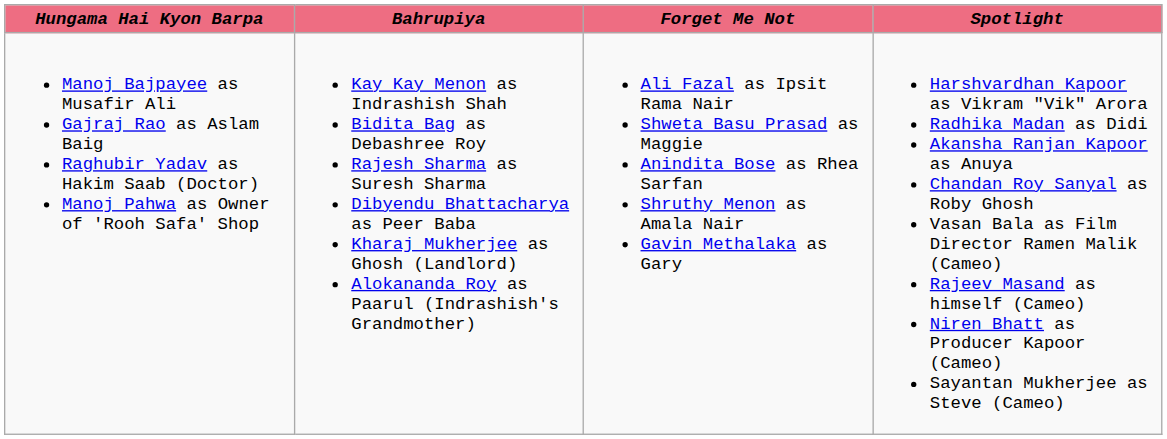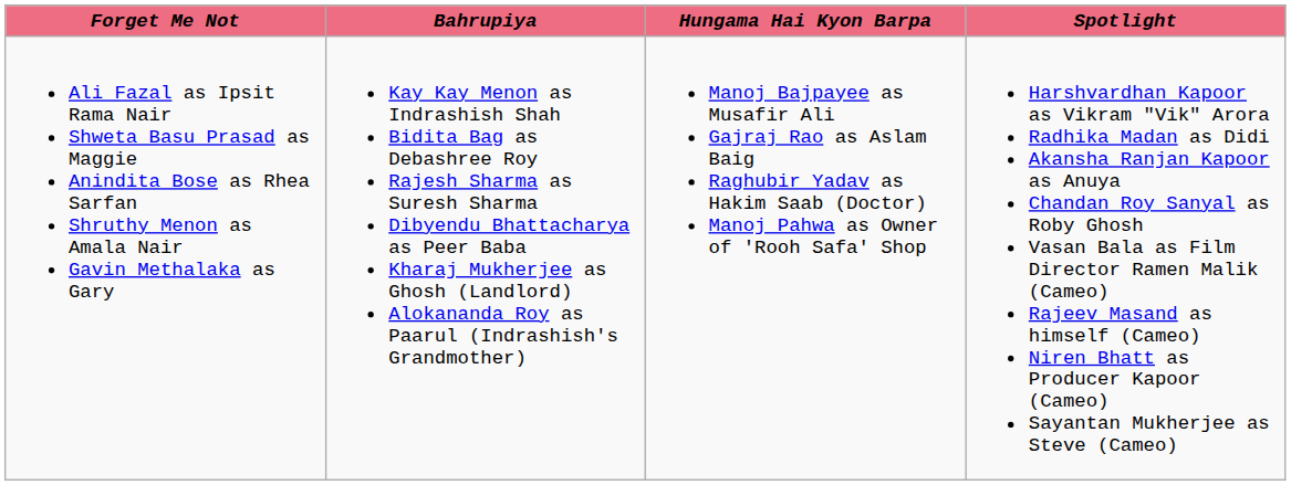 <table class=wikitable>
 <tr>
+<th style="background:#EE6D82; width:20%"><em>Forget Me Not </em></th>
+<th style="background:#EE6D82; width:20%"><em>Bahrupiya</em></th>
 <th style="background:#EE6D82; width:20%"><em>Hungama Hai Kyon Barpa</em></th>
-<th style="background:#EE6D82; width:20%"><em>Bahrupiya</em></th>
-<th style="background:#EE6D82; width:20%"><em>Forget Me Not </em></th>
 <th style="background:#EE6D82; width:20%"><em>Spotlight</em></th>
 </tr>
 <tr>
+<td valign="top"><br><ul><li><a href='#'>Ali Fazal</a> as Ipsit Rama Nair</li><li><a href='#'>Shweta Basu Prasad</a> as Maggie</li><li><a href='#'>Anindita Bose</a> as Rhea Sarfan</li><li><a href='#'>Shruthy Menon</a> as Amala Nair</li><li><a href='#'>Gavin Methalaka</a> as Gary</li></ul></td>
+<td valign="top"><br><ul><li><a href='#'>Kay Kay Menon</a> as Indrashish Shah</li><li><a href='#'>Bidita Bag</a> as Debashree Roy</li><li><a href='#'>Rajesh Sharma</a> as Suresh Sharma</li><li><a href='#'>Dibyendu Bhattacharya</a> as Peer Baba</li><li><a href='#'>Kharaj Mukherjee</a> as Ghosh (Landlord)</li><li><a href='#'>Alokananda Roy</a> as Paarul (Indrashish's Grandmother)</li></ul></td>
 <td valign="top"><br><ul><li><a href='#'>Manoj Bajpayee</a> as Musafir Ali</li><li><a href='#'>Gajraj Rao</a> as Aslam Baig</li><li><a href='#'>Raghubir Yadav</a> as Hakim Saab (Doctor)</li><li><a href='#'>Manoj Pahwa</a> as Owner of 'Rooh Safa' Shop</li></ul></td>
-<td valign="top"><br><ul><li><a href='#'>Kay Kay Menon</a> as Indrashish Shah</li><li><a href='#'>Bidita Bag</a> as Debashree Roy</li><li><a href='#'>Rajesh Sharma</a> as Suresh Sharma</li><li><a href='#'>Dibyendu Bhattacharya</a> as Peer Baba</li><li><a href='#'>Kharaj Mukherjee</a> as Ghosh (Landlord)</li><li><a href='#'>Alokananda Roy</a> as Paarul (Indrashish's Grandmother)</li></ul></td>
-<td valign="top"><br><ul><li><a href='#'>Ali Fazal</a> as Ipsit Rama Nair</li><li><a href='#'>Shweta Basu Prasad</a> as Maggie</li><li><a href='#'>Anindita Bose</a> as Rhea Sarfan</li><li><a href='#'>Shruthy Menon</a> as Amala Nair</li><li><a href='#'>Gavin Methalaka</a> as Gary</li></ul></td>
 <td valign="top"><br><ul><li><a href='#'>Harshvardhan Kapoor</a> as Vikram "Vik" Arora</li><li><a href='#'>Radhika Madan</a> as Didi</li><li><a href='#'>Akansha Ranjan Kapoor</a> as Anuya</li><li><a href='#'>Chandan Roy Sanyal</a> as Roby Ghosh</li><li>Vasan Bala as Film Director Ramen Malik (Cameo)</li><li><a href='#'>Rajeev Masand</a> as himself (Cameo)</li><li><a href='#'>Niren Bhatt</a> as Producer Kapoor (Cameo)</li><li>Sayantan Mukherjee as Steve (Cameo)</li></ul></td>
 </tr>
 </table>
